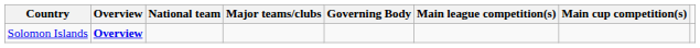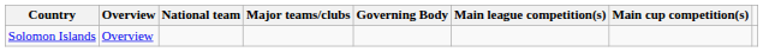 <table class="wikitable">
 <tr>
 <th>Country</th>
 <th>Overview</th>
 <th>National team</th>
 <th>Major teams/clubs</th>
 <th>Governing Body</th>
 <th>Main league competition(s)</th>
 <th>Main cup competition(s)</th>
 </tr>
 <tr>
 <td> <a href='#'>Solomon Islands</a></td>
-<td><strong><a href='#'>Overview</a></strong></td>
+<td><a href='#'>Overview</a></td>
 <td></td>
 <td></td>
 <td></td>
 <td></td>
 <td></td>
 <td></td>
 </tr>
 </table>
